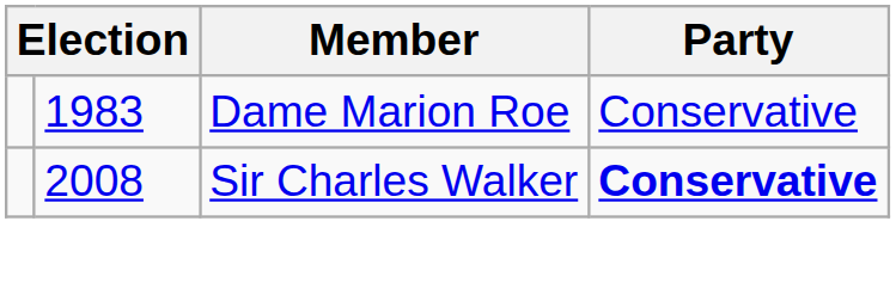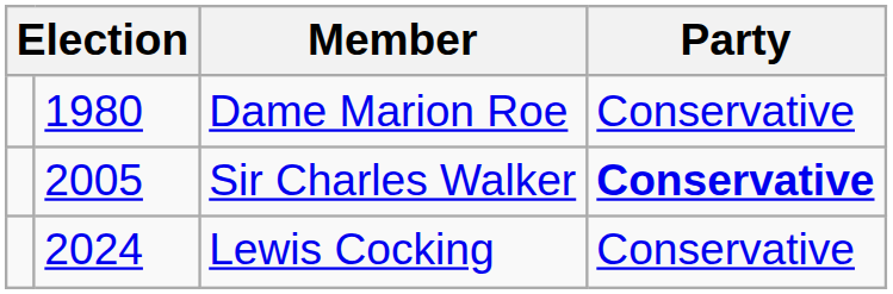 <table class="wikitable">
 <tr>
 <th colspan="2">Election</th>
 <th>Member</th>
 <th>Party</th>
 </tr>
 <tr>
 <td style="color:inherit;background-color: "></td>
-<td><a href='#'>1983</a></td>
+<td><a href='#'>1980</a></td>
 <td><a href='#'>Dame Marion Roe</a></td>
 <td><a href='#'>Conservative</a></td>
 </tr>
 <tr>
 <td style="color:inherit;background-color: "></td>
-<td><a href='#'>2008</a></td>
+<td><a href='#'>2005</a></td>
 <td><a href='#'>Sir Charles Walker</a></td>
 <td><strong><a href='#'>Conservative</a></strong></td>
 </tr>
+<tr>
+<td style="color:inherit;background-color: "></td>
+<td><a href='#'>2024</a></td>
+<td><a href='#'>Lewis Cocking</a></td>
+<td><a href='#'>Conservative</a></td>
+</tr>
 </table>
